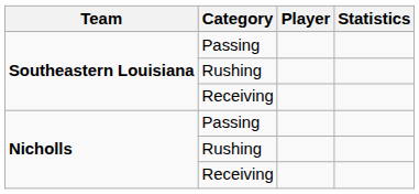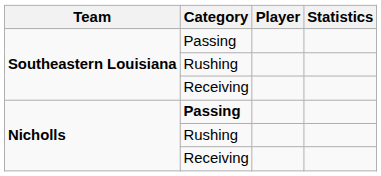 <table class="wikitable" style="float: left;">
 <tr>
 <th>Team</th>
 <th>Category</th>
 <th>Player</th>
 <th>Statistics</th>
 </tr>
 <tr>
 <td rowspan=3><strong>Southeastern Louisiana</strong></td>
 <td>Passing</td>
 <td> </td>
 <td> </td>
 </tr>
 <tr>
 <td>Rushing</td>
 <td> </td>
 <td> </td>
 </tr>
 <tr>
 <td>Receiving</td>
 <td> </td>
 <td> </td>
 </tr>
 <tr>
 <td rowspan=3><strong>Nicholls</strong></td>
-<td>Passing</td>
+<td><strong>Passing</strong></td>
 <td> </td>
 <td> </td>
 </tr>
 <tr>
 <td>Rushing</td>
 <td> </td>
 <td> </td>
 </tr>
 <tr>
 <td>Receiving</td>
 <td> </td>
 <td> </td>
 </tr>
 </table>
